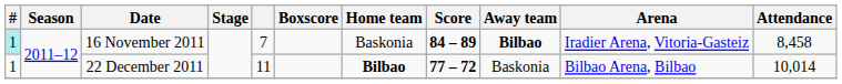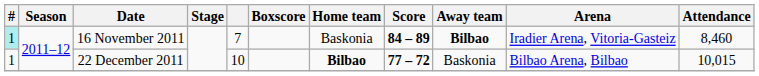 <table class="wikitable" style="text-align: center; width=25%; font-size: 11px">
 <tr>
 <th>#</th>
 <th>Season</th>
 <th>Date</th>
 <th>Stage</th>
 <th></th>
 <th>Boxscore</th>
 <th>Home team</th>
 <th>Score</th>
 <th>Away team</th>
 <th>Arena</th>
 <th>Attendance</th>
 </tr>
 <tr>
 <td style="background: paleturquoise;">1</td>
 <td rowspan=2><a href='#'>2011–12</a></td>
 <td>16 November 2011</td>
 <td rowspan=2></td>
 <td>7</td>
 <td></td>
 <td>Baskonia</td>
 <td><strong>84 – 89</strong></td>
 <td><strong>Bilbao</strong></td>
 <td align=left><a href='#'>Iradier Arena</a>, <a href='#'>Vitoria-Gasteiz</a></td>
-<td>8,458</td>
+<td>8,460</td>
 </tr>
 <tr>
 <td>1</td>
 <td>22 December 2011</td>
-<td>11</td>
+<td>10</td>
 <td></td>
 <td><strong>Bilbao</strong></td>
 <td><strong>77 – 72</strong></td>
 <td>Baskonia</td>
 <td align=left><a href='#'>Bilbao Arena</a>, <a href='#'>Bilbao</a></td>
-<td>10,014</td>
+<td>10,015</td>
 </tr>
 <tr>
 </tr>
 </table>
